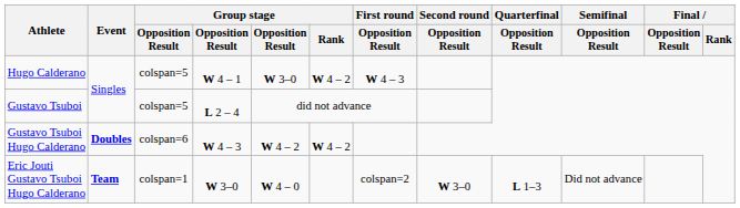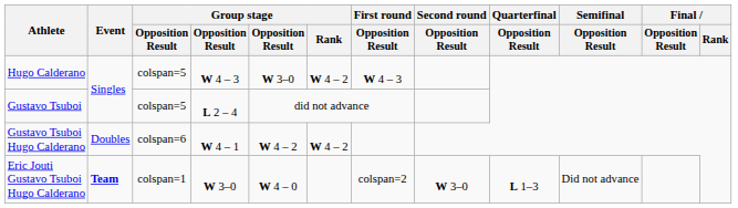 <table class=wikitable style=font-size:90%;text-align:center>
 <tr>
 <th rowspan=2>Athlete</th>
 <th rowspan=2>Event</th>
 <th colspan=4>Group stage</th>
 <th>First round</th>
 <th>Second round</th>
 <th>Quarterfinal</th>
 <th>Semifinal</th>
 <th colspan=2>Final / </th>
 </tr>
 <tr style=font-size:95%>
 <th>Opposition<br>Result</th>
 <th>Opposition<br>Result</th>
 <th>Opposition<br>Result</th>
 <th>Rank</th>
 <th>Opposition<br>Result</th>
 <th>Opposition<br>Result</th>
 <th>Opposition<br>Result</th>
 <th>Opposition<br>Result</th>
 <th>Opposition<br>Result</th>
 <th>Rank</th>
 </tr>
 <tr>
 <td align=left><a href='#'>Hugo Calderano</a></td>
 <td align=left rowspan=2><a href='#'>Singles</a></td>
 <td>colspan=5 </td>
-<td><br><strong>W</strong> 4 – 1</td>
+<td><br><strong>W</strong> 4 – 3</td>
 <td><br><strong>W</strong> 3–0</td>
 <td><br><strong>W</strong> 4 – 2</td>
 <td><br><strong>W</strong> 4 – 3</td>
 <td></td>
 </tr>
 <tr>
 <td align=left><a href='#'>Gustavo Tsuboi</a></td>
 <td>colspan=5 </td>
 <td><br><strong>L</strong> 2 – 4</td>
 <td colspan=3>did not advance</td>
 <td></td>
 </tr>
 <tr>
 <td align=left><a href='#'>Gustavo Tsuboi</a><br><a href='#'>Hugo Calderano</a></td>
-<td align=left><strong><a href='#'>Doubles</a></strong></td>
+<td align=left><a href='#'>Doubles</a></td>
 <td>colspan=6 </td>
-<td><br><strong>W</strong> 4 – 3</td>
+<td><br><strong>W</strong> 4 – 1</td>
 <td><br><strong>W</strong> 4 – 2</td>
 <td><br><strong>W</strong> 4 – 2</td>
 <td></td>
 </tr>
 <tr>
 <td align=left><a href='#'>Eric Jouti</a><br><a href='#'>Gustavo Tsuboi</a><br><a href='#'>Hugo Calderano</a></td>
 <td align=left><strong><a href='#'>Team</a></strong></td>
 <td>colspan=1 </td>
 <td><br><strong>W</strong> 3–0</td>
 <td><br><strong>W</strong> 4 – 0</td>
 <td></td>
 <td>colspan=2 </td>
 <td><br><strong>W</strong> 3–0</td>
 <td><br><strong>L</strong> 1–3</td>
 <td>Did not advance</td>
 <td></td>
 </tr>
 </table>
